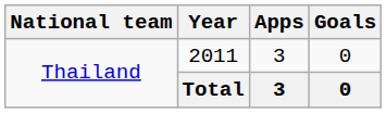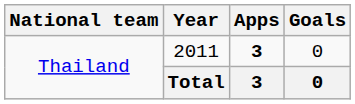 <table class="wikitable" style="text-align:center">
 <tr>
 <th>National team</th>
 <th>Year</th>
 <th>Apps</th>
 <th>Goals</th>
 </tr>
 <tr>
 <td rowspan="2" valign="center"><a href='#'>Thailand</a></td>
 <td>2011</td>
-<td>3</td>
+<td><strong>3</strong></td>
 <td>0</td>
 </tr>
 <tr>
 <th>Total</th>
 <th>3</th>
 <th>0</th>
 </tr>
 </table>
